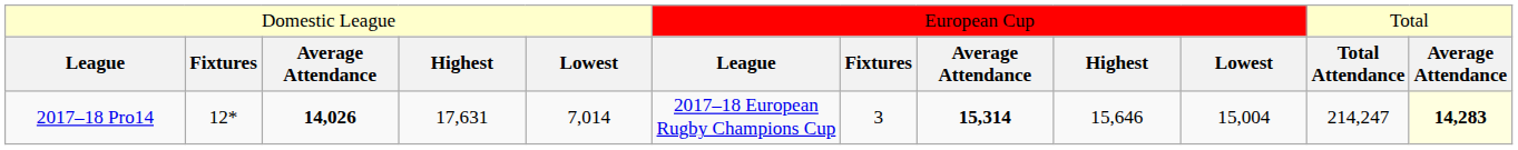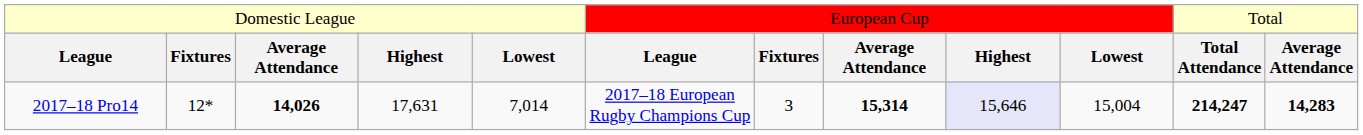 <table class="wikitable sortable" style="font-size:90%; width:90%;">
 <tr>
 <td colspan="5" class="wikitable sortable" style="width:45%; background:#ffffcc; text-align:center;"><span>Domestic League</span></td>
 <td colspan="5" class="wikitable sortable" style="width:45%; background:#f00; text-align:center;"><span>European Cup</span></td>
 <td colspan="2" class="wikitable sortable" style="width:45%; background:#ffffcc; text-align:center;"><span>Total</span></td>
 </tr>
 <tr>
 <th style="width:15%;">League</th>
 <th style="width:5%;">Fixtures</th>
 <th style="width:10%;">Average Attendance</th>
 <th style="width:10%;">Highest</th>
 <th style="width:10%;">Lowest</th>
 <th style="width:15%;">League</th>
 <th style="width:5%;">Fixtures</th>
 <th style="width:10%;">Average Attendance</th>
 <th style="width:10%;">Highest</th>
 <th style="width:10%;">Lowest</th>
 <th style="width:10%;">Total Attendance</th>
 <th style="width:10%;">Average Attendance</th>
 </tr>
 <tr>
 <td align=center><a href='#'>2017–18 Pro14</a></td>
 <td align=center>12*</td>
 <td align=center><strong>14,026</strong></td>
 <td align=center>17,631</td>
 <td align=center>7,014</td>
 <td align=center><a href='#'>2017–18 European Rugby Champions Cup</a></td>
 <td align=center>3</td>
 <td align=center><strong>15,314</strong></td>
-<td align=center>15,646</td>
+<td align=center style="background: lavender;">15,646</td>
 <td align=center>15,004</td>
-<td align=center>214,247</td>
-<td align=center style="background: lightyellow;"><strong>14,283</strong></td>
+<td align=center><strong>214,247</strong></td>
+<td align=center><strong>14,283</strong></td>
 </tr>
 </table>
